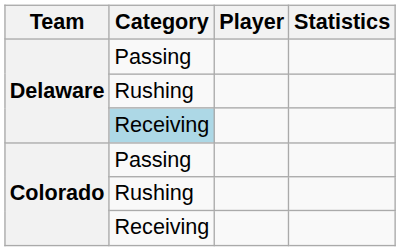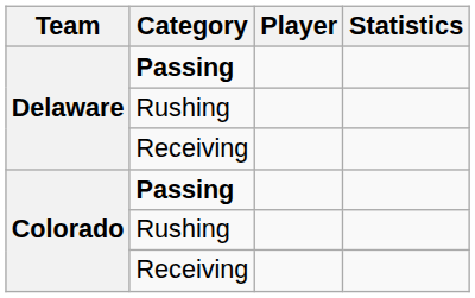 <table class="wikitable" style="float:right">
 <tr>
 <th>Team</th>
 <th>Category</th>
 <th>Player</th>
 <th>Statistics</th>
 </tr>
 <tr>
 <th rowspan=3>Delaware</th>
-<td>Passing</td>
+<td><strong>Passing</strong></td>
 <td></td>
 <td></td>
 </tr>
 <tr>
 <td>Rushing</td>
 <td></td>
 <td></td>
 </tr>
 <tr>
-<td style="background: lightblue;">Receiving</td>
+<td>Receiving</td>
 <td></td>
 <td></td>
 </tr>
 <tr>
 <th rowspan=3>Colorado</th>
-<td>Passing</td>
+<td><strong>Passing</strong></td>
 <td></td>
 <td></td>
 </tr>
 <tr>
 <td>Rushing</td>
 <td></td>
 <td></td>
 </tr>
 <tr>
 <td>Receiving</td>
 <td></td>
 <td></td>
 </tr>
 </table>
